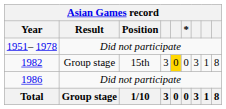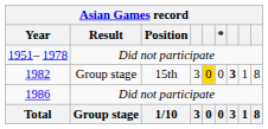 <table class="wikitable" style="text-align: center;">
 <tr>
 <th colspan=9><a href='#'>Asian Games</a> record</th>
 </tr>
 <tr>
 <th>Year</th>
 <th>Result</th>
 <th>Position</th>
 <th></th>
 <th></th>
 <th>*</th>
 <th></th>
 <th></th>
 <th></th>
 </tr>
 <tr>
 <td> <a href='#'>1951</a>– <a href='#'>1978</a></td>
 <td colspan=9><em>Did not participate</em></td>
 </tr>
 <tr>
 <td> <a href='#'>1982</a></td>
 <td>Group stage</td>
 <td>15th</td>
 <td>3</td>
 <td style="background: gold;">0</td>
 <td>0</td>
-<td>3</td>
+<td><strong>3</strong></td>
 <td>1</td>
 <td>8</td>
 </tr>
 <tr>
 <td> <a href='#'>1986</a></td>
 <td colspan=9><em>Did not participate</em></td>
 </tr>
 <tr>
 <th><strong>Total</strong></th>
 <th><strong>Group stage</strong></th>
 <th>1/10</th>
 <th><strong>3</strong></th>
 <th><strong>0</strong></th>
 <th><strong>0</strong></th>
 <th><strong>3</strong></th>
 <th><strong>1</strong></th>
 <th><strong>8</strong></th>
 </tr>
 </table>
